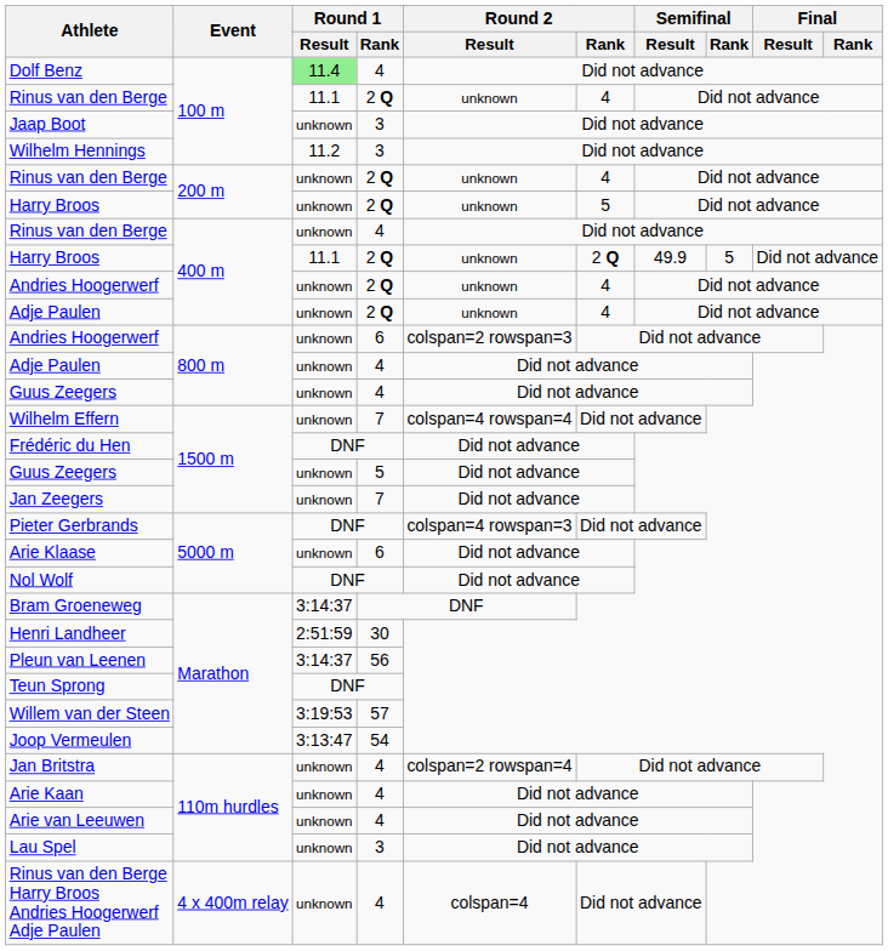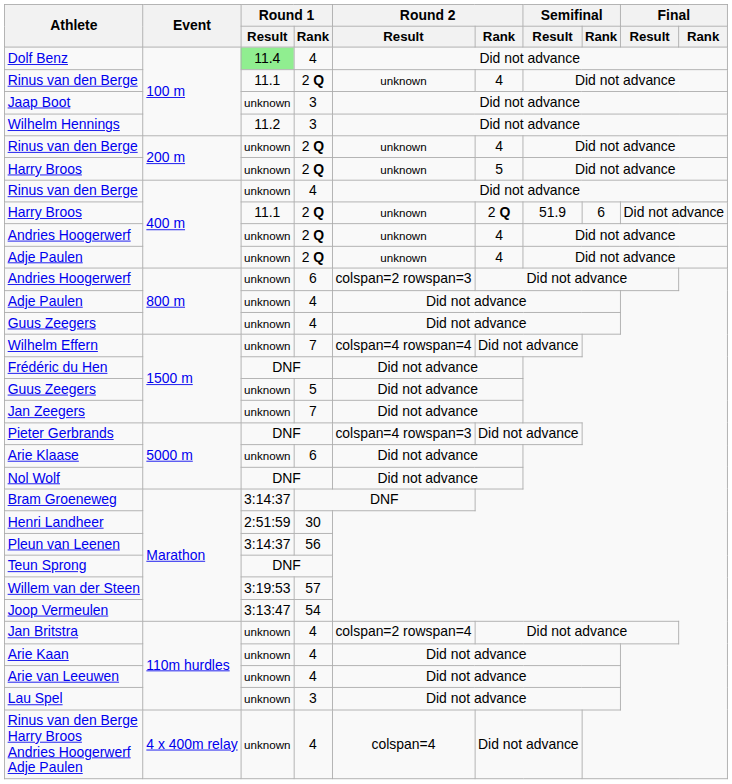 <table class="wikitable">
 <tr>
 <th rowspan="2">Athlete</th>
 <th rowspan="2">Event</th>
 <th colspan="2">Round 1</th>
 <th colspan="2">Round 2</th>
 <th colspan="2">Semifinal</th>
 <th colspan="2">Final</th>
 </tr>
 <tr style="font-size:95%">
 <th>Result</th>
 <th>Rank</th>
 <th>Result</th>
 <th>Rank</th>
 <th>Result</th>
 <th>Rank</th>
 <th>Result</th>
 <th>Rank</th>
 </tr>
 <tr align=center>
 <td align=left><a href='#'>Dolf Benz</a></td>
 <td align=left rowspan=4><a href='#'>100 m</a></td>
 <td style="background: lightgreen;">11.4</td>
 <td>4</td>
 <td colspan=6>Did not advance</td>
 </tr>
 <tr align=center>
 <td align=left><a href='#'>Rinus van den Berge</a></td>
 <td>11.1</td>
 <td>2 <strong>Q</strong></td>
 <td><small>unknown</small></td>
 <td>4</td>
 <td colspan=4>Did not advance</td>
 </tr>
 <tr align=center>
 <td align=left><a href='#'>Jaap Boot</a></td>
 <td><small>unknown</small></td>
 <td>3</td>
 <td colspan=6>Did not advance</td>
 </tr>
 <tr align=center>
 <td align=left><a href='#'>Wilhelm Hennings</a></td>
 <td>11.2</td>
 <td>3</td>
 <td colspan=6>Did not advance</td>
 </tr>
 <tr align=center>
 <td align=left><a href='#'>Rinus van den Berge</a></td>
 <td align=left rowspan=2><a href='#'>200 m</a></td>
 <td><small>unknown</small></td>
 <td>2 <strong>Q</strong></td>
 <td><small>unknown</small></td>
 <td>4</td>
 <td colspan=4>Did not advance</td>
 </tr>
 <tr align=center>
 <td align=left><a href='#'>Harry Broos</a></td>
 <td><small>unknown</small></td>
 <td>2 <strong>Q</strong></td>
 <td><small>unknown</small></td>
 <td>5</td>
 <td colspan=4>Did not advance</td>
 </tr>
 <tr align=center>
 <td align=left><a href='#'>Rinus van den Berge</a></td>
 <td align=left rowspan=4><a href='#'>400 m</a></td>
 <td><small>unknown</small></td>
 <td>4</td>
 <td colspan=6>Did not advance</td>
 </tr>
 <tr align=center>
 <td align=left><a href='#'>Harry Broos</a></td>
 <td>11.1</td>
 <td>2 <strong>Q</strong></td>
 <td><small>unknown</small></td>
 <td>2 <strong>Q</strong></td>
-<td>49.9</td>
-<td>5</td>
+<td>51.9</td>
+<td>6</td>
 <td colspan=2>Did not advance</td>
 </tr>
 <tr align=center>
 <td align=left><a href='#'>Andries Hoogerwerf</a></td>
 <td><small>unknown</small></td>
 <td>2 <strong>Q</strong></td>
 <td><small>unknown</small></td>
 <td>4</td>
 <td colspan=4>Did not advance</td>
 </tr>
 <tr align=center>
 <td align=left><a href='#'>Adje Paulen</a></td>
 <td><small>unknown</small></td>
 <td>2 <strong>Q</strong></td>
 <td><small>unknown</small></td>
 <td>4</td>
 <td colspan=4>Did not advance</td>
 </tr>
 <tr align=center>
 <td align=left><a href='#'>Andries Hoogerwerf</a></td>
 <td align=left rowspan=3><a href='#'>800 m</a></td>
 <td><small>unknown</small></td>
 <td>6</td>
 <td>colspan=2 rowspan=3 </td>
 <td colspan=4>Did not advance</td>
 </tr>
 <tr align=center>
 <td align=left><a href='#'>Adje Paulen</a></td>
 <td><small>unknown</small></td>
 <td>4</td>
 <td colspan=4>Did not advance</td>
 </tr>
 <tr align=center>
 <td align=left><a href='#'>Guus Zeegers</a></td>
 <td><small>unknown</small></td>
 <td>4</td>
 <td colspan=4>Did not advance</td>
 </tr>
 <tr align=center>
 <td align=left><a href='#'>Wilhelm Effern</a></td>
 <td align=left rowspan=4><a href='#'>1500 m</a></td>
 <td><small>unknown</small></td>
 <td>7</td>
 <td>colspan=4 rowspan=4 </td>
 <td colspan=2>Did not advance</td>
 </tr>
 <tr align=center>
 <td align=left><a href='#'>Frédéric du Hen</a></td>
 <td colspan=2>DNF</td>
 <td colspan=2>Did not advance</td>
 </tr>
 <tr align=center>
 <td align=left><a href='#'>Guus Zeegers</a></td>
 <td><small>unknown</small></td>
 <td>5</td>
 <td colspan=2>Did not advance</td>
 </tr>
 <tr align=center>
 <td align=left><a href='#'>Jan Zeegers</a></td>
 <td><small>unknown</small></td>
 <td>7</td>
 <td colspan=2>Did not advance</td>
 </tr>
 <tr align=center>
 <td align=left><a href='#'>Pieter Gerbrands</a></td>
 <td align=left rowspan=3><a href='#'>5000 m</a></td>
 <td colspan=2>DNF</td>
 <td>colspan=4 rowspan=3 </td>
 <td colspan=2>Did not advance</td>
 </tr>
 <tr align=center>
 <td align=left><a href='#'>Arie Klaase</a></td>
 <td><small>unknown</small></td>
 <td>6</td>
 <td colspan=2>Did not advance</td>
 </tr>
 <tr align=center>
 <td align=left><a href='#'>Nol Wolf</a></td>
 <td colspan=2>DNF</td>
 <td colspan=2>Did not advance</td>
 </tr>
 <tr align=center>
 <td align=left><a href='#'>Bram Groeneweg</a></td>
 <td align=left rowspan=6><a href='#'>Marathon</a></td>
 <td>3:14:37</td>
 <td colspan=2>DNF</td>
 </tr>
 <tr align=center>
 <td align=left><a href='#'>Henri Landheer</a></td>
 <td>2:51:59</td>
 <td>30</td>
 </tr>
 <tr align=center>
 <td align=left><a href='#'>Pleun van Leenen</a></td>
 <td>3:14:37</td>
 <td>56</td>
 </tr>
 <tr align=center>
 <td align=left><a href='#'>Teun Sprong</a></td>
 <td colspan=2>DNF</td>
 </tr>
 <tr align=center>
 <td align=left><a href='#'>Willem van der Steen</a></td>
 <td>3:19:53</td>
 <td>57</td>
 </tr>
 <tr align=center>
 <td align=left><a href='#'>Joop Vermeulen</a></td>
 <td>3:13:47</td>
 <td>54</td>
 </tr>
 <tr align=center>
 <td align=left><a href='#'>Jan Britstra</a></td>
 <td align=left rowspan=4><a href='#'>110m hurdles</a></td>
 <td><small>unknown</small></td>
 <td>4</td>
 <td>colspan=2 rowspan=4 </td>
 <td colspan=4>Did not advance</td>
 </tr>
 <tr align=center>
 <td align=left><a href='#'>Arie Kaan</a></td>
 <td><small>unknown</small></td>
 <td>4</td>
 <td colspan=4>Did not advance</td>
 </tr>
 <tr align=center>
 <td align=left><a href='#'>Arie van Leeuwen</a></td>
 <td><small>unknown</small></td>
 <td>4</td>
 <td colspan=4>Did not advance</td>
 </tr>
 <tr align=center>
 <td align=left><a href='#'>Lau Spel</a></td>
 <td><small>unknown</small></td>
 <td>3</td>
 <td colspan=4>Did not advance</td>
 </tr>
 <tr align=center>
 <td align=left><a href='#'>Rinus van den Berge</a><br><a href='#'>Harry Broos</a><br><a href='#'>Andries Hoogerwerf</a><br><a href='#'>Adje Paulen</a></td>
 <td align=left><a href='#'>4 x 400m relay</a></td>
 <td><small>unknown</small></td>
 <td>4</td>
 <td>colspan=4 </td>
 <td colspan=2>Did not advance</td>
 </tr>
 </table>
